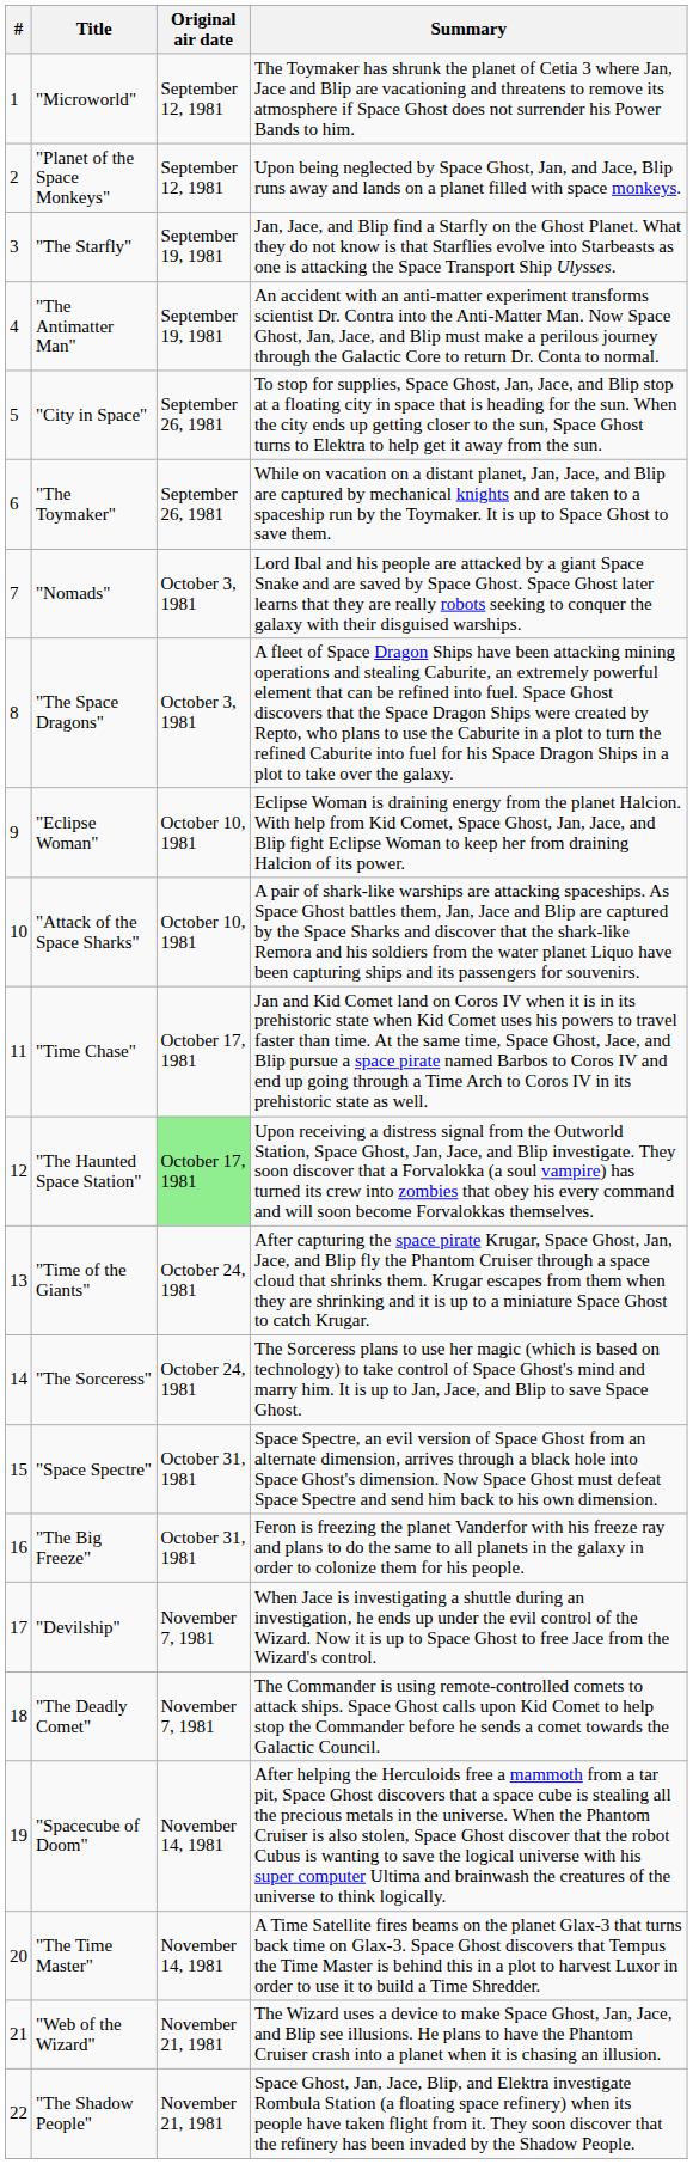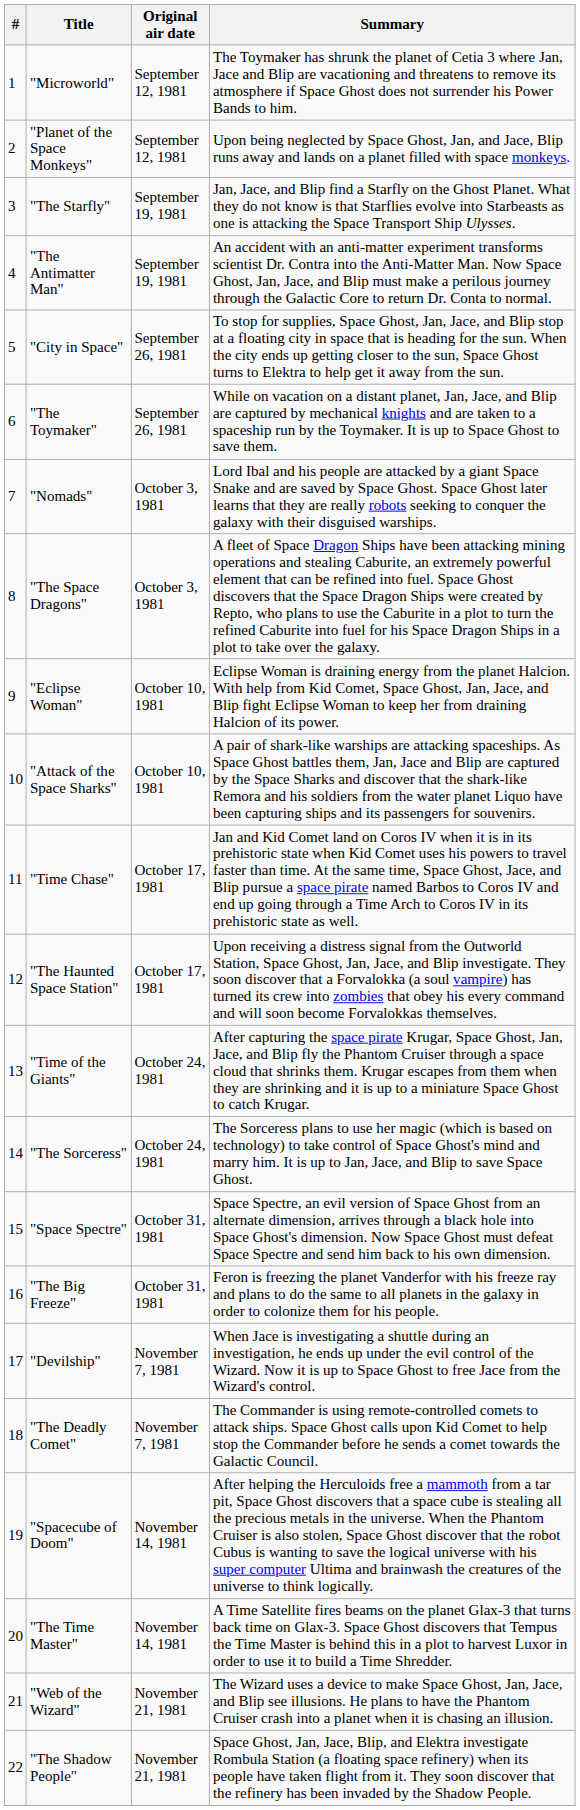 <table class=wikitable>
 <tr>
 <th>#</th>
 <th>Title</th>
 <th>Original air date</th>
 <th>Summary</th>
 </tr>
 <tr>
 <td>1</td>
 <td>"Microworld"</td>
 <td>September 12, 1981</td>
 <td>The Toymaker has shrunk the planet of Cetia 3 where Jan, Jace and Blip are vacationing and threatens to remove its atmosphere if Space Ghost does not surrender his Power Bands to him.</td>
 </tr>
 <tr>
 <td>2</td>
 <td>"Planet of the Space Monkeys"</td>
 <td>September 12, 1981</td>
 <td>Upon being neglected by Space Ghost, Jan, and Jace, Blip runs away and lands on a planet filled with space <a href='#'>monkeys</a>.</td>
 </tr>
 <tr>
 <td>3</td>
 <td>"The Starfly"</td>
 <td>September 19, 1981</td>
 <td>Jan, Jace, and Blip find a Starfly on the Ghost Planet. What they do not know is that Starflies evolve into Starbeasts as one is attacking the Space Transport Ship <em>Ulysses</em>.</td>
 </tr>
 <tr>
 <td>4</td>
 <td>"The Antimatter Man"</td>
 <td>September 19, 1981</td>
 <td>An accident with an anti-matter experiment transforms scientist Dr. Contra into the Anti-Matter Man. Now Space Ghost, Jan, Jace, and Blip must make a perilous journey through the Galactic Core to return Dr. Conta to normal.</td>
 </tr>
 <tr>
 <td>5</td>
 <td>"City in Space"</td>
 <td>September 26, 1981</td>
 <td>To stop for supplies, Space Ghost, Jan, Jace, and Blip stop at a floating city in space that is heading for the sun. When the city ends up getting closer to the sun, Space Ghost turns to Elektra to help get it away from the sun.</td>
 </tr>
 <tr>
 <td>6</td>
 <td>"The Toymaker"</td>
 <td>September 26, 1981</td>
 <td>While on vacation on a distant planet, Jan, Jace, and Blip are captured by mechanical <a href='#'>knights</a> and are taken to a spaceship run by the Toymaker. It is up to Space Ghost to save them.</td>
 </tr>
 <tr>
 <td>7</td>
 <td>"Nomads"</td>
 <td>October 3, 1981</td>
 <td>Lord Ibal and his people are attacked by a giant Space Snake and are saved by Space Ghost. Space Ghost later learns that they are really <a href='#'>robots</a> seeking to conquer the galaxy with their disguised warships.</td>
 </tr>
 <tr>
 <td>8</td>
 <td>"The Space Dragons"</td>
 <td>October 3, 1981</td>
 <td>A fleet of Space <a href='#'>Dragon</a> Ships have been attacking mining operations and stealing Caburite, an extremely powerful element that can be refined into fuel. Space Ghost discovers that the Space Dragon Ships were created by Repto, who plans to use the Caburite in a plot to turn the refined Caburite into fuel for his Space Dragon Ships in a plot to take over the galaxy.</td>
 </tr>
 <tr>
 <td>9</td>
 <td>"Eclipse Woman"</td>
 <td>October 10, 1981</td>
 <td>Eclipse Woman is draining energy from the planet Halcion. With help from Kid Comet, Space Ghost, Jan, Jace, and Blip fight Eclipse Woman to keep her from draining Halcion of its power.</td>
 </tr>
 <tr>
 <td>10</td>
 <td>"Attack of the Space Sharks"</td>
 <td>October 10, 1981</td>
 <td>A pair of shark-like warships are attacking spaceships. As Space Ghost battles them, Jan, Jace and Blip are captured by the Space Sharks and discover that the shark-like Remora and his soldiers from the water planet Liquo have been capturing ships and its passengers for souvenirs.</td>
 </tr>
 <tr>
 <td>11</td>
 <td>"Time Chase"</td>
 <td>October 17, 1981</td>
 <td>Jan and Kid Comet land on Coros IV when it is in its prehistoric state when Kid Comet uses his powers to travel faster than time. At the same time, Space Ghost, Jace, and Blip pursue a <a href='#'>space pirate</a> named Barbos to Coros IV and end up going through a Time Arch to Coros IV in its prehistoric state as well.</td>
 </tr>
 <tr>
 <td>12</td>
 <td>"The Haunted Space Station"</td>
-<td style="background: lightgreen;">October 17, 1981</td>
+<td>October 17, 1981</td>
 <td>Upon receiving a distress signal from the Outworld Station, Space Ghost, Jan, Jace, and Blip investigate. They soon discover that a Forvalokka (a soul <a href='#'>vampire</a>) has turned its crew into <a href='#'>zombies</a> that obey his every command and will soon become Forvalokkas themselves.</td>
 </tr>
 <tr>
 <td>13</td>
 <td>"Time of the Giants"</td>
 <td>October 24, 1981</td>
 <td>After capturing the <a href='#'>space pirate</a> Krugar, Space Ghost, Jan, Jace, and Blip fly the Phantom Cruiser through a space cloud that shrinks them. Krugar escapes from them when they are shrinking and it is up to a miniature Space Ghost to catch Krugar.</td>
 </tr>
 <tr>
 <td>14</td>
 <td>"The Sorceress"</td>
 <td>October 24, 1981</td>
 <td>The Sorceress plans to use her magic (which is based on technology) to take control of Space Ghost's mind and marry him. It is up to Jan, Jace, and Blip to save Space Ghost.</td>
 </tr>
 <tr>
 <td>15</td>
 <td>"Space Spectre"</td>
 <td>October 31, 1981</td>
 <td>Space Spectre, an evil version of Space Ghost from an alternate dimension, arrives through a black hole into Space Ghost's dimension. Now Space Ghost must defeat Space Spectre and send him back to his own dimension.</td>
 </tr>
 <tr>
 <td>16</td>
 <td>"The Big Freeze"</td>
 <td>October 31, 1981</td>
 <td>Feron is freezing the planet Vanderfor with his freeze ray and plans to do the same to all planets in the galaxy in order to colonize them for his people.</td>
 </tr>
 <tr>
 <td>17</td>
 <td>"Devilship"</td>
 <td>November 7, 1981</td>
 <td>When Jace is investigating a shuttle during an investigation, he ends up under the evil control of the Wizard. Now it is up to Space Ghost to free Jace from the Wizard's control.</td>
 </tr>
 <tr>
 <td>18</td>
 <td>"The Deadly Comet"</td>
 <td>November 7, 1981</td>
 <td>The Commander is using remote-controlled comets to attack ships. Space Ghost calls upon Kid Comet to help stop the Commander before he sends a comet towards the Galactic Council.</td>
 </tr>
 <tr>
 <td>19</td>
 <td>"Spacecube of Doom"</td>
 <td>November 14, 1981</td>
 <td>After helping the Herculoids free a <a href='#'>mammoth</a> from a tar pit, Space Ghost discovers that a space cube is stealing all the precious metals in the universe. When the Phantom Cruiser is also stolen, Space Ghost discover that the robot Cubus is wanting to save the logical universe with his <a href='#'>super computer</a> Ultima and brainwash the creatures of the universe to think logically.</td>
 </tr>
 <tr>
 <td>20</td>
 <td>"The Time Master"</td>
 <td>November 14, 1981</td>
 <td>A Time Satellite fires beams on the planet Glax-3 that turns back time on Glax-3. Space Ghost discovers that Tempus the Time Master is behind this in a plot to harvest Luxor in order to use it to build a Time Shredder.</td>
 </tr>
 <tr>
 <td>21</td>
 <td>"Web of the Wizard"</td>
 <td>November 21, 1981</td>
 <td>The Wizard uses a device to make Space Ghost, Jan, Jace, and Blip see illusions. He plans to have the Phantom Cruiser crash into a planet when it is chasing an illusion.</td>
 </tr>
 <tr>
 <td>22</td>
 <td>"The Shadow People"</td>
 <td>November 21, 1981</td>
 <td>Space Ghost, Jan, Jace, Blip, and Elektra investigate Rombula Station (a floating space refinery) when its people have taken flight from it. They soon discover that the refinery has been invaded by the Shadow People.</td>
 </tr>
 <tr>
 </tr>
 </table>
